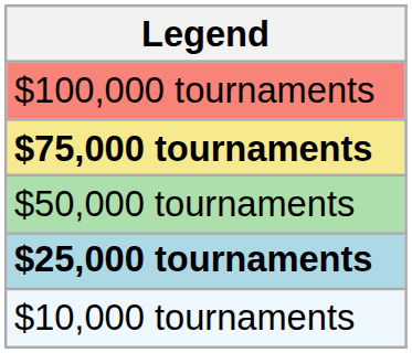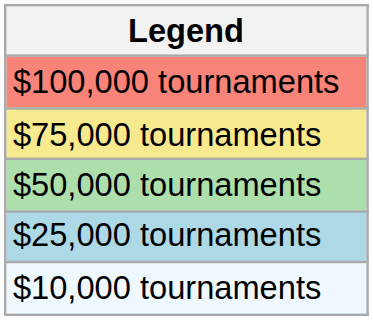 <table class="wikitable"  style="font-size:85%; width:12%;">
 <tr>
 <th>Legend</th>
 </tr>
 <tr style="background:#f88379;">
 <td>$100,000 tournaments</td>
 </tr>
 <tr style="background:#f7e98e;">
-<td><strong>$75,000 tournaments</strong></td>
+<td>$75,000 tournaments</td>
 </tr>
 <tr style="background:#addfad;">
 <td>$50,000 tournaments</td>
 </tr>
 <tr style="background:lightblue;">
-<td><strong>$25,000 tournaments</strong></td>
+<td>$25,000 tournaments</td>
 </tr>
 <tr style="background:#f0f8ff;">
 <td>$10,000 tournaments</td>
 </tr>
 </table>
